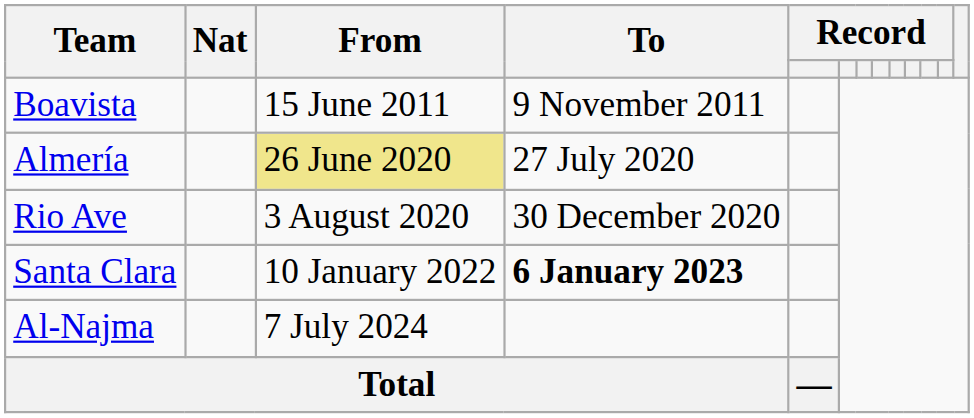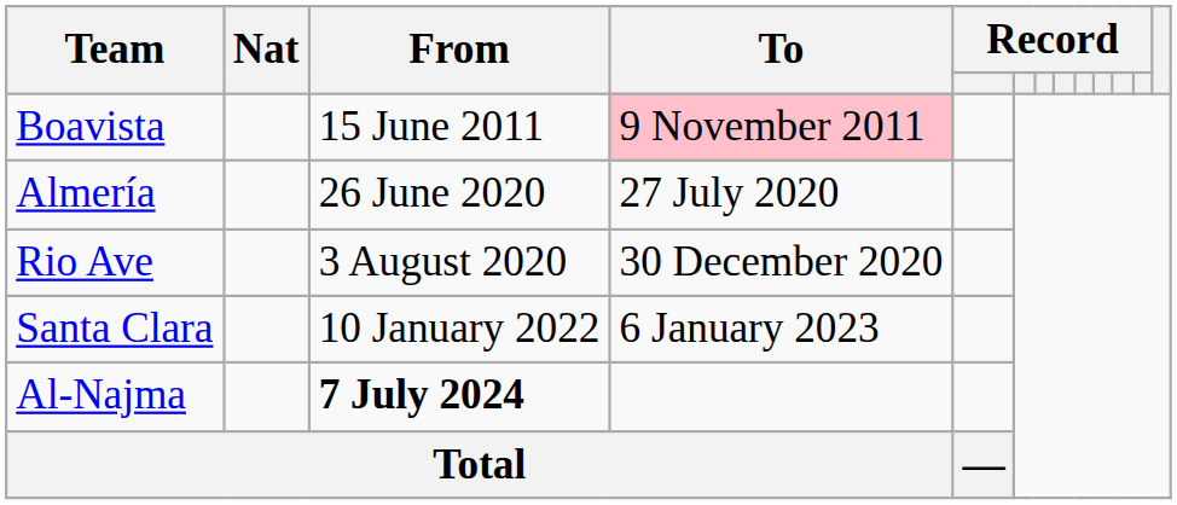 <table class="wikitable" style="text-align: center">
 <tr>
 <th rowspan="2">Team</th>
 <th rowspan="2">Nat</th>
 <th rowspan="2">From</th>
 <th rowspan="2">To</th>
 <th colspan="8">Record</th>
 <th rowspan=2></th>
 </tr>
 <tr>
 <th></th>
 <th></th>
 <th></th>
 <th></th>
 <th></th>
 <th></th>
 <th></th>
 <th></th>
 </tr>
 <tr>
 <td align=left><a href='#'>Boavista</a></td>
 <td></td>
 <td align=left>15 June 2011</td>
-<td align=left>9 November 2011<br></td>
+<td align=left style="background: pink;">9 November 2011<br></td>
 <td></td>
 </tr>
 <tr>
 <td align=left><a href='#'>Almería</a></td>
 <td></td>
-<td align=left style="background: khaki;">26 June 2020</td>
+<td align=left>26 June 2020</td>
 <td align=left>27 July 2020<br></td>
 <td></td>
 </tr>
 <tr>
 <td align=left><a href='#'>Rio Ave</a></td>
 <td></td>
 <td align=left>3 August 2020</td>
 <td align=left>30 December 2020<br></td>
 <td></td>
 </tr>
 <tr>
 <td align=left><a href='#'>Santa Clara</a></td>
 <td></td>
 <td align=left>10 January 2022</td>
-<td align=left><strong>6 January 2023<br></strong></td>
+<td align=left>6 January 2023<br></td>
 <td></td>
 </tr>
 <tr>
 <td align=left><a href='#'>Al-Najma</a></td>
 <td></td>
-<td align=left>7 July 2024</td>
+<td align=left><strong>7 July 2024</strong></td>
 <td align=left><br></td>
 <td></td>
 </tr>
 <tr>
 <th colspan="4">Total<br></th>
 <th>—</th>
 </tr>
 </table>
